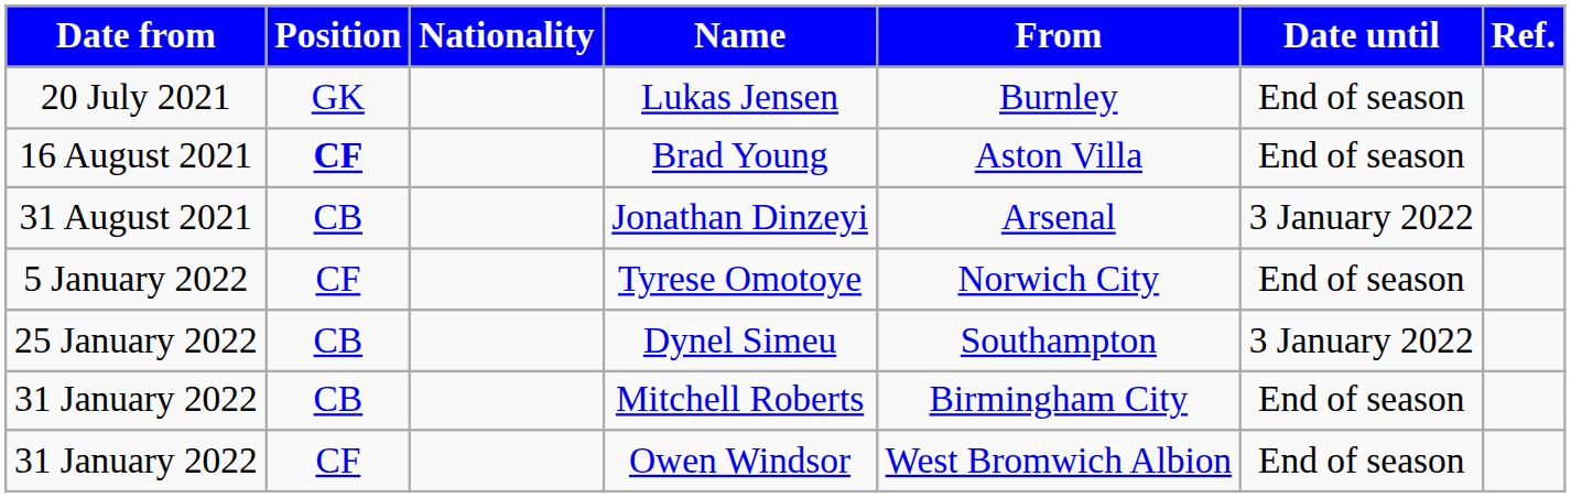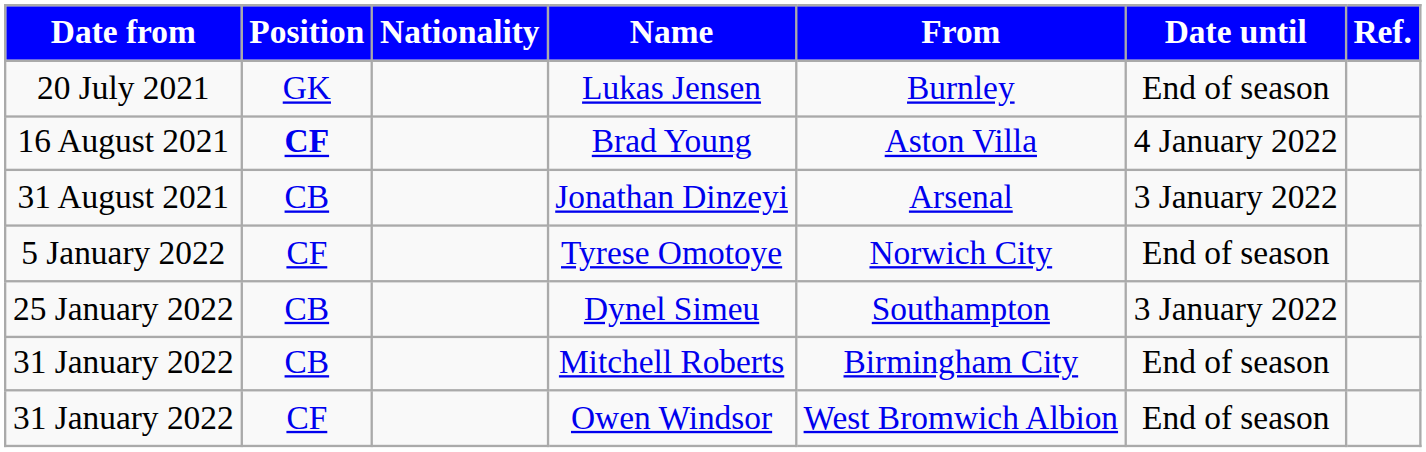 <table class="wikitable"  style="text-align:center; font-size:90%; ">
 <tr>
 <th style="background:#0000FF;color:white;">Date from</th>
 <th style="background:#0000FF;color:white;">Position</th>
 <th style="background:#0000FF;color:white;">Nationality</th>
 <th style="background:#0000FF;color:white;">Name</th>
 <th style="background:#0000FF;color:white;">From</th>
 <th style="background:#0000FF;color:white;">Date until</th>
 <th style="background:#0000FF;color:white;">Ref.</th>
 </tr>
 <tr>
 <td>20 July 2021</td>
 <td><a href='#'>GK</a></td>
 <td></td>
 <td><a href='#'>Lukas Jensen</a></td>
 <td> <a href='#'>Burnley</a></td>
 <td>End of season</td>
 <td></td>
 </tr>
 <tr>
 <td>16 August 2021</td>
 <td><strong><a href='#'>CF</a></strong></td>
 <td></td>
 <td><a href='#'>Brad Young</a></td>
 <td> <a href='#'>Aston Villa</a></td>
-<td>End of season</td>
+<td>4 January 2022</td>
 <td></td>
 </tr>
 <tr>
 <td>31 August 2021</td>
 <td><a href='#'>CB</a></td>
 <td></td>
 <td><a href='#'>Jonathan Dinzeyi</a></td>
 <td> <a href='#'>Arsenal</a></td>
 <td>3 January 2022</td>
 <td></td>
 </tr>
 <tr>
 <td>5 January 2022</td>
 <td><a href='#'>CF</a></td>
 <td></td>
 <td><a href='#'>Tyrese Omotoye</a></td>
 <td> <a href='#'>Norwich City</a></td>
 <td>End of season</td>
 <td></td>
 </tr>
 <tr>
 <td>25 January 2022</td>
 <td><a href='#'>CB</a></td>
 <td></td>
 <td><a href='#'>Dynel Simeu</a></td>
 <td> <a href='#'>Southampton</a></td>
 <td>3 January 2022</td>
 <td></td>
 </tr>
 <tr>
 <td>31 January 2022</td>
 <td><a href='#'>CB</a></td>
 <td></td>
 <td><a href='#'>Mitchell Roberts</a></td>
 <td> <a href='#'>Birmingham City</a></td>
 <td>End of season</td>
 <td align="center"></td>
 </tr>
 <tr>
 <td>31 January 2022</td>
 <td><a href='#'>CF</a></td>
 <td></td>
 <td><a href='#'>Owen Windsor</a></td>
 <td> <a href='#'>West Bromwich Albion</a></td>
 <td>End of season</td>
 <td></td>
 </tr>
 </table>
